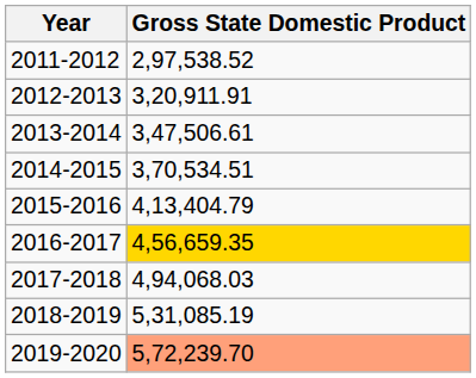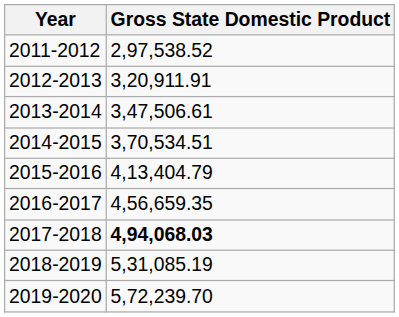 <table class="wikitable">
 <tr>
 <th>Year</th>
 <th>Gross State Domestic Product</th>
 </tr>
 <tr>
 <td>2011-2012</td>
 <td>2,97,538.52</td>
 </tr>
 <tr>
 <td>2012-2013</td>
 <td>3,20,911.91</td>
 </tr>
 <tr>
 <td>2013-2014</td>
 <td>3,47,506.61</td>
 </tr>
 <tr>
 <td>2014-2015</td>
 <td>3,70,534.51</td>
 </tr>
 <tr>
 <td>2015-2016</td>
 <td>4,13,404.79</td>
 </tr>
 <tr>
 <td>2016-2017</td>
-<td style="background: gold;">4,56,659.35</td>
+<td>4,56,659.35</td>
 </tr>
 <tr>
 <td>2017-2018</td>
-<td>4,94,068.03</td>
+<td><strong>4,94,068.03</strong></td>
 </tr>
 <tr>
 <td>2018-2019</td>
 <td>5,31,085.19</td>
 </tr>
 <tr>
 <td>2019-2020</td>
-<td style="background: lightsalmon;">5,72,239.70</td>
+<td>5,72,239.70</td>
 </tr>
 </table>
